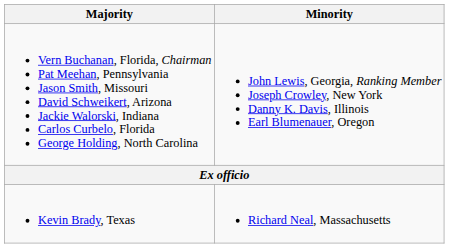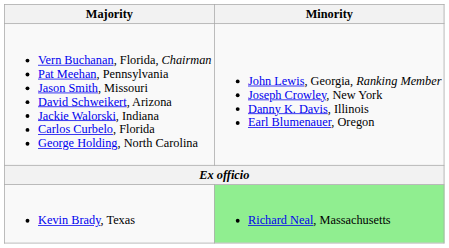 <table class=wikitable>
 <tr>
 <th>Majority</th>
 <th>Minority</th>
 </tr>
 <tr>
 <td><br><ul><li><a href='#'>Vern Buchanan</a>, Florida, <em>Chairman</em></li><li><a href='#'>Pat Meehan</a>, Pennsylvania</li><li><a href='#'>Jason Smith</a>, Missouri</li><li><a href='#'>David Schweikert</a>, Arizona</li><li><a href='#'>Jackie Walorski</a>, Indiana</li><li><a href='#'>Carlos Curbelo</a>, Florida</li><li><a href='#'>George Holding</a>, North Carolina</li></ul></td>
 <td><br><ul><li><a href='#'>John Lewis</a>, Georgia, <em>Ranking Member</em></li><li><a href='#'>Joseph Crowley</a>, New York</li><li><a href='#'>Danny K. Davis</a>, Illinois</li><li><a href='#'>Earl Blumenauer</a>, Oregon</li></ul></td>
 </tr>
 <tr>
 <th colspan=2><em>Ex officio</em></th>
 </tr>
 <tr>
 <td><br><ul><li><a href='#'>Kevin Brady</a>, Texas</li></ul></td>
-<td><br><ul><li><a href='#'>Richard Neal</a>, Massachusetts</li></ul></td>
+<td style="background: lightgreen;"><br><ul><li><a href='#'>Richard Neal</a>, Massachusetts</li></ul></td>
 </tr>
 </table>
